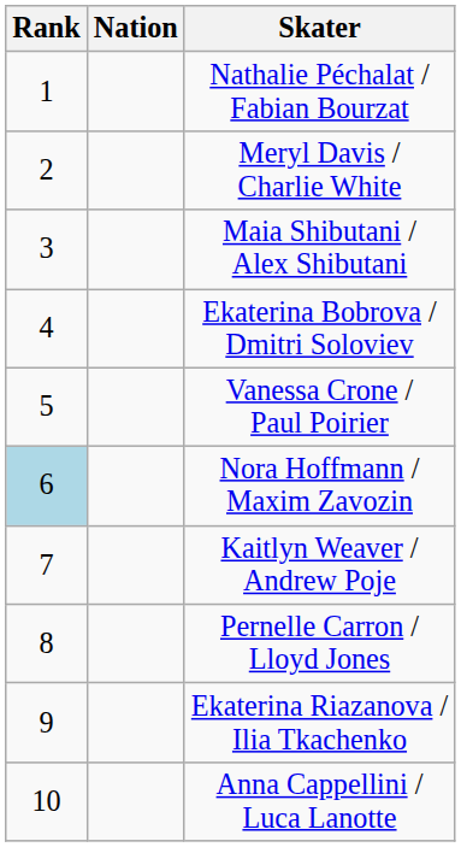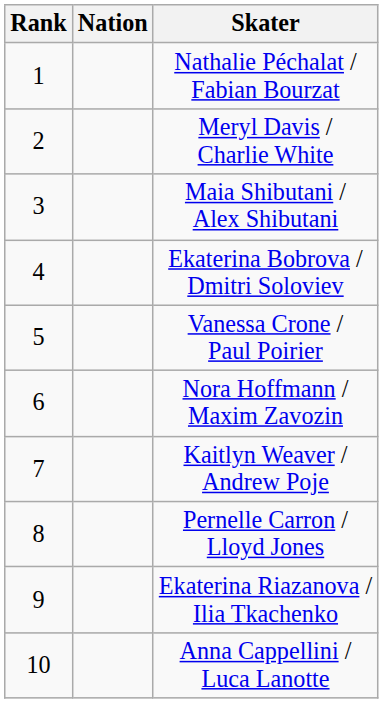 <table class="wikitable sortable" style="text-align: center;">
 <tr>
 <th rowspan="2">Rank</th>
 <th rowspan="2">Nation</th>
 <th rowspan="2">Skater</th>
 </tr>
 <tr>
 </tr>
 <tr>
 <td>1</td>
 <td "style=text-align: left;"></td>
 <td "style=text-align: left;"><a href='#'>Nathalie Péchalat</a> /<br> <a href='#'>Fabian Bourzat</a></td>
 </tr>
 <tr>
 <td>2</td>
 <td "style=text-align: left;"></td>
 <td "style=text-align: left;"><a href='#'>Meryl Davis</a> /<br> <a href='#'>Charlie White</a></td>
 </tr>
 <tr>
 <td>3</td>
 <td "style=text-align: left;"></td>
 <td "style=text-align: left;"><a href='#'>Maia Shibutani</a> /<br> <a href='#'>Alex Shibutani</a></td>
 </tr>
 <tr>
 <td>4</td>
 <td "style=text-align: left;"></td>
 <td "style=text-align: left;"><a href='#'>Ekaterina Bobrova</a> /<br> <a href='#'>Dmitri Soloviev</a></td>
 </tr>
 <tr>
 <td>5</td>
 <td "style=text-align: left;"></td>
 <td "style=text-align: left;"><a href='#'>Vanessa Crone</a> /<br> <a href='#'>Paul Poirier</a></td>
 </tr>
 <tr>
-<td style="background: lightblue;">6</td>
+<td>6</td>
 <td "style=text-align: left;"></td>
 <td "style=text-align: left;"><a href='#'>Nora Hoffmann</a> /<br> <a href='#'>Maxim Zavozin</a></td>
 </tr>
 <tr>
 <td>7</td>
 <td "style=text-align: left;"></td>
 <td "style=text-align: left;"><a href='#'>Kaitlyn Weaver</a> /<br> <a href='#'>Andrew Poje</a></td>
 </tr>
 <tr>
 <td>8</td>
 <td "style=text-align: left;"></td>
 <td "style=text-align: left;"><a href='#'>Pernelle Carron</a> /<br> <a href='#'>Lloyd Jones</a></td>
 </tr>
 <tr>
 <td>9</td>
 <td "style=text-align: left;"></td>
 <td "style=text-align: left;"><a href='#'>Ekaterina Riazanova</a> /<br> <a href='#'>Ilia Tkachenko</a></td>
 </tr>
 <tr>
 <td>10</td>
 <td "style=text-align: left;"></td>
 <td "style=text-align: left;"><a href='#'>Anna Cappellini</a> /<br> <a href='#'>Luca Lanotte</a></td>
 </tr>
 </table>
